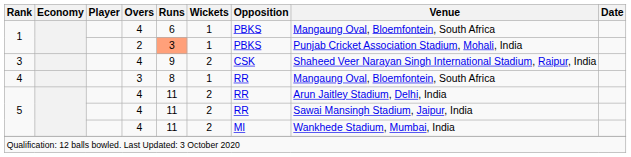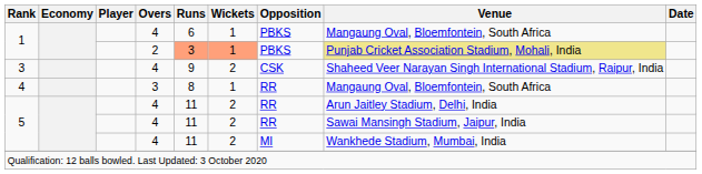 <table class="wikitable">
 <tr>
 <th>Rank</th>
 <th>Economy</th>
 <th>Player</th>
 <th>Overs</th>
 <th>Runs</th>
 <th>Wickets</th>
 <th>Opposition</th>
 <th>Venue</th>
 <th>Date</th>
 </tr>
 <tr>
 <td align=center rowspan=2>1</td>
 <th scope=row style=text-align:center; rowspan=2></th>
 <td></td>
 <td align=center>4</td>
 <td align=center>6</td>
 <td align=center>1</td>
 <td><a href='#'>PBKS</a></td>
 <td><a href='#'>Mangaung Oval</a>, <a href='#'>Bloemfontein</a>, South Africa</td>
 <td></td>
 </tr>
 <tr>
 <td></td>
 <td align=center>2</td>
 <td align=center style="background: lightsalmon;">3</td>
-<td align=center>1</td>
+<td align=center style="background: lightsalmon;">1</td>
 <td><a href='#'>PBKS</a></td>
-<td><a href='#'>Punjab Cricket Association Stadium</a>, <a href='#'>Mohali</a>, India</td>
+<td style="background: khaki;"><a href='#'>Punjab Cricket Association Stadium</a>, <a href='#'>Mohali</a>, India</td>
 <td></td>
 </tr>
 <tr>
 <td align=center>3</td>
 <th scope=row style=text-align:center;></th>
 <td></td>
 <td align=center>4</td>
 <td align=center>9</td>
 <td align=center>2</td>
 <td><a href='#'>CSK</a></td>
 <td><a href='#'>Shaheed Veer Narayan Singh International Stadium</a>, <a href='#'>Raipur</a>, India</td>
 <td></td>
 </tr>
 <tr>
 <td align=center>4</td>
 <th scope=row style=text-align:center;></th>
 <td></td>
 <td align=center>3</td>
 <td align=center>8</td>
 <td align=center>1</td>
 <td><a href='#'>RR</a></td>
 <td><a href='#'>Mangaung Oval</a>, <a href='#'>Bloemfontein</a>, South Africa</td>
 <td></td>
 </tr>
 <tr>
 <td align=center rowspan=3>5</td>
 <th scope=row style=text-align:center; rowspan=3></th>
 <td></td>
 <td align=center>4</td>
 <td align=center>11</td>
 <td align=center>2</td>
 <td><a href='#'>RR</a></td>
 <td><a href='#'>Arun Jaitley Stadium</a>, <a href='#'>Delhi</a>, India</td>
 <td></td>
 </tr>
 <tr>
 <td></td>
 <td align=center>4</td>
 <td align=center>11</td>
 <td align=center>2</td>
 <td><a href='#'>RR</a></td>
 <td><a href='#'>Sawai Mansingh Stadium</a>, <a href='#'>Jaipur</a>, India</td>
 <td></td>
 </tr>
 <tr>
 <td></td>
 <td align=center>4</td>
 <td align=center>11</td>
 <td align=center>2</td>
 <td><a href='#'>MI</a></td>
 <td><a href='#'>Wankhede Stadium</a>, <a href='#'>Mumbai</a>, India</td>
 <td></td>
 </tr>
 <tr>
 </tr>
 <tr class=sortbottom>
 <td colspan=9><small>Qualification: 12 balls bowled. Last Updated: 3 October 2020</small></td>
 </tr>
 </table>
